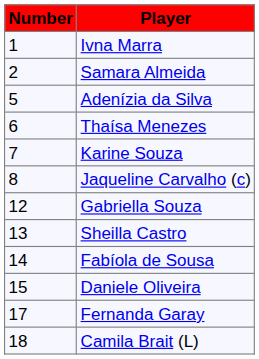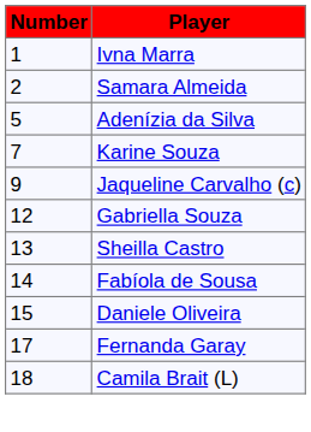 <table bgcolor="#f7f8ff" cellpadding="3" cellspacing="0" border="1" style="font-size: 95%; border: gray solid 1px; border-collapse: collapse;">
 <tr bgcolor="#ff0000">
 <td align=center><strong>Number</strong></td>
 <td align=center><strong>Player</strong></td>
 </tr>
 <tr align="left">
 <td>1</td>
 <td> <a href='#'>Ivna Marra</a></td>
 </tr>
 <tr align=left>
 <td>2</td>
 <td> <a href='#'>Samara Almeida</a></td>
 </tr>
 <tr align="left">
 <td>5</td>
 <td> <a href='#'>Adenízia da Silva</a></td>
 </tr>
 <tr align="left">
-<td>6</td>
-<td> <a href='#'>Thaísa Menezes</a></td>
-</tr>
-<tr align="left">
 <td>7</td>
 <td> <a href='#'>Karine Souza</a></td>
 </tr>
 <tr align="left">
-<td>8</td>
+<td>9</td>
 <td> <a href='#'>Jaqueline Carvalho</a> (<a href='#'>c</a>)</td>
 </tr>
 <tr align="left">
 <td>12</td>
 <td> <a href='#'>Gabriella Souza</a></td>
 </tr>
 <tr align="left">
 <td>13</td>
 <td> <a href='#'>Sheilla Castro</a></td>
 </tr>
 <tr align="left">
 <td>14</td>
 <td> <a href='#'>Fabíola de Sousa</a></td>
 </tr>
 <tr align="left">
 <td>15</td>
 <td> <a href='#'>Daniele Oliveira</a></td>
 </tr>
 <tr align="left">
 <td>17</td>
 <td> <a href='#'>Fernanda Garay</a></td>
 </tr>
 <tr align="left">
 <td>18</td>
 <td> <a href='#'>Camila Brait</a> (L)</td>
 </tr>
 </table>
